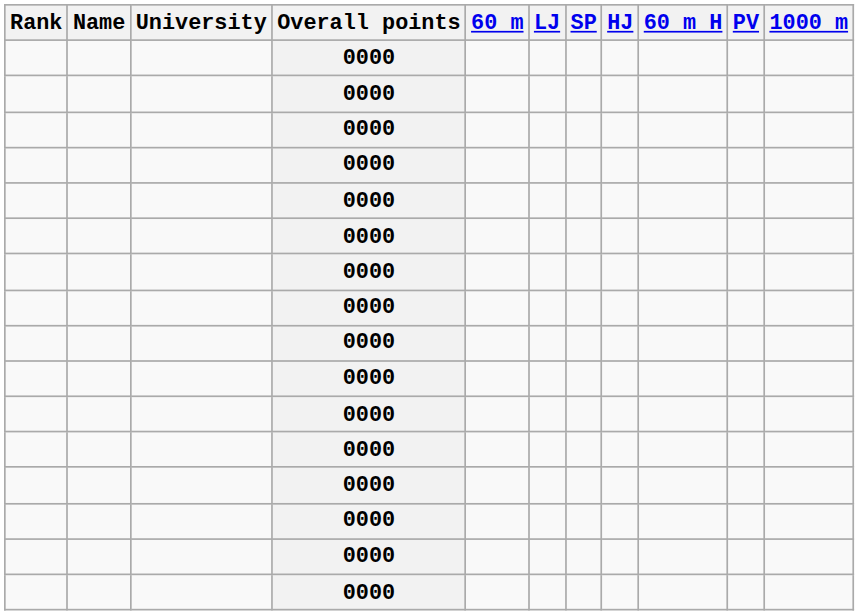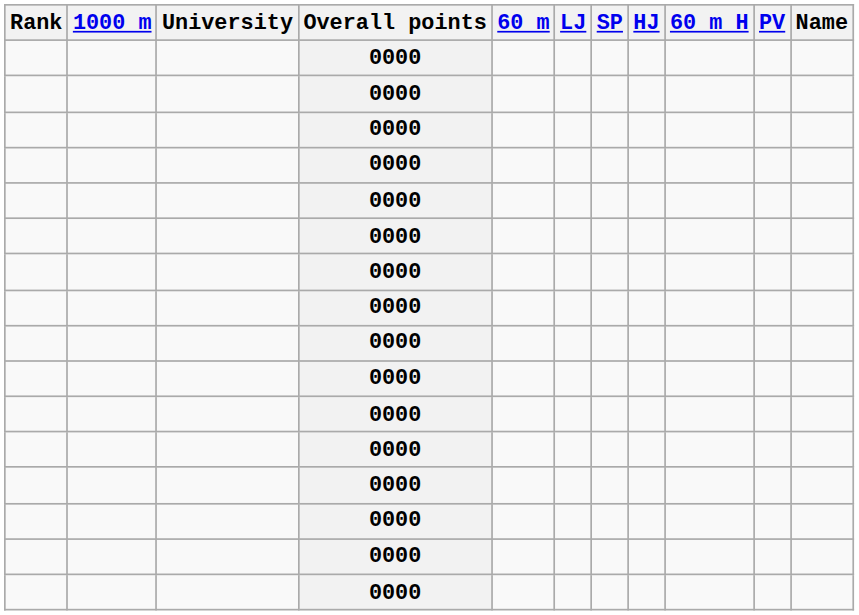 <table class="wikitable sortable" style="text-align:center">
 <tr>
 <th>Rank</th>
-<th>Name</th>
+<th><a href='#'>1000 m</a></th>
 <th>University</th>
 <th>Overall points</th>
 <th><a href='#'>60 m</a></th>
 <th><a href='#'>LJ</a></th>
 <th><a href='#'>SP</a></th>
 <th><a href='#'>HJ</a></th>
 <th><a href='#'>60 m H</a></th>
 <th><a href='#'>PV</a></th>
-<th><a href='#'>1000 m</a></th>
+<th>Name</th>
 </tr>
 <tr>
 <td></td>
-<td align=left></td>
+<td></td>
 <td></td>
 <th>0000</th>
 <td></td>
 <td></td>
 <td></td>
 <td></td>
 <td></td>
 <td></td>
-<td></td>
+<td align=left></td>
 </tr>
 <tr>
 <td></td>
-<td align=left></td>
+<td></td>
 <td></td>
 <th>0000</th>
 <td></td>
 <td></td>
 <td></td>
 <td></td>
 <td></td>
 <td></td>
-<td></td>
+<td align=left></td>
 </tr>
 <tr>
 <td></td>
-<td align=left></td>
+<td></td>
 <td></td>
 <th>0000</th>
 <td></td>
 <td></td>
 <td></td>
 <td></td>
 <td></td>
 <td></td>
-<td></td>
+<td align=left></td>
 </tr>
 <tr>
 <td></td>
-<td align=left></td>
+<td></td>
 <td></td>
 <th>0000</th>
 <td></td>
 <td></td>
 <td></td>
 <td></td>
 <td></td>
 <td></td>
-<td></td>
+<td align=left></td>
 </tr>
 <tr>
 <td></td>
-<td align=left></td>
+<td></td>
 <td></td>
 <th>0000</th>
 <td></td>
 <td></td>
 <td></td>
 <td></td>
 <td></td>
 <td></td>
-<td></td>
+<td align=left></td>
 </tr>
 <tr>
 <td></td>
-<td align=left></td>
+<td></td>
 <td></td>
 <th>0000</th>
 <td></td>
 <td></td>
 <td></td>
 <td></td>
 <td></td>
 <td></td>
-<td></td>
+<td align=left></td>
 </tr>
 <tr>
 <td></td>
-<td align=left></td>
+<td></td>
 <td></td>
 <th>0000</th>
 <td></td>
 <td></td>
 <td></td>
 <td></td>
 <td></td>
 <td></td>
-<td></td>
+<td align=left></td>
 </tr>
 <tr>
 <td></td>
-<td align=left></td>
+<td></td>
 <td></td>
 <th>0000</th>
 <td></td>
 <td></td>
 <td></td>
 <td></td>
 <td></td>
 <td></td>
-<td></td>
+<td align=left></td>
 </tr>
 <tr>
 <td></td>
-<td align=left></td>
+<td></td>
 <td></td>
 <th>0000</th>
 <td></td>
 <td></td>
 <td></td>
 <td></td>
 <td></td>
 <td></td>
-<td></td>
+<td align=left></td>
 </tr>
 <tr>
 <td></td>
-<td align=left></td>
+<td></td>
 <td></td>
 <th>0000</th>
 <td></td>
 <td></td>
 <td></td>
 <td></td>
 <td></td>
 <td></td>
-<td></td>
+<td align=left></td>
 </tr>
 <tr>
 <td></td>
-<td align=left></td>
+<td></td>
 <td></td>
 <th>0000</th>
 <td></td>
 <td></td>
 <td></td>
 <td></td>
 <td></td>
 <td></td>
-<td></td>
+<td align=left></td>
 </tr>
 <tr>
 <td></td>
-<td align=left></td>
+<td></td>
 <td></td>
 <th>0000</th>
 <td></td>
 <td></td>
 <td></td>
 <td></td>
 <td></td>
 <td></td>
-<td></td>
+<td align=left></td>
 </tr>
 <tr>
 <td></td>
-<td align=left></td>
+<td></td>
 <td></td>
 <th>0000</th>
 <td></td>
 <td></td>
 <td></td>
 <td></td>
 <td></td>
 <td></td>
-<td></td>
+<td align=left></td>
 </tr>
 <tr>
 <td></td>
-<td align=left></td>
+<td></td>
 <td></td>
 <th>0000</th>
 <td></td>
 <td></td>
 <td></td>
 <td></td>
 <td></td>
 <td></td>
-<td></td>
+<td align=left></td>
 </tr>
 <tr>
 <td></td>
-<td align=left></td>
+<td></td>
 <td></td>
 <th>0000</th>
 <td></td>
 <td></td>
 <td></td>
 <td></td>
 <td></td>
 <td></td>
-<td></td>
+<td align=left></td>
 </tr>
 <tr>
 <td></td>
-<td align=left></td>
+<td></td>
 <td></td>
 <th>0000</th>
 <td></td>
 <td></td>
 <td></td>
 <td></td>
 <td></td>
 <td></td>
-<td></td>
+<td align=left></td>
 </tr>
 </table>
